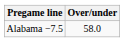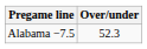 <table class="wikitable" style="margin-left: auto; margin-right: auto; border: none; display: inline-table;">
 <tr align="center">
 <th style=>Pregame line</th>
 <th style=>Over/under</th>
 </tr>
 <tr align="center">
 <td>Alabama −7.5</td>
-<td>58.0</td>
+<td>52.3</td>
 </tr>
 </table>
